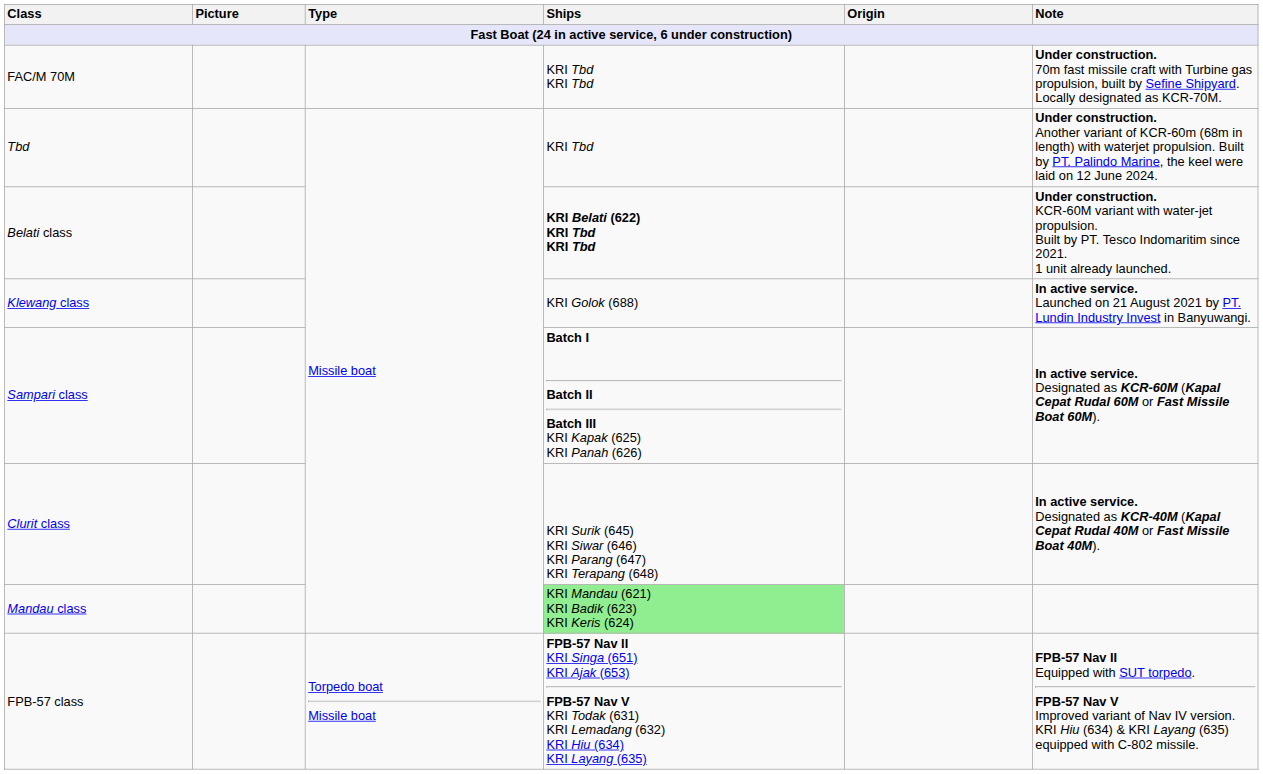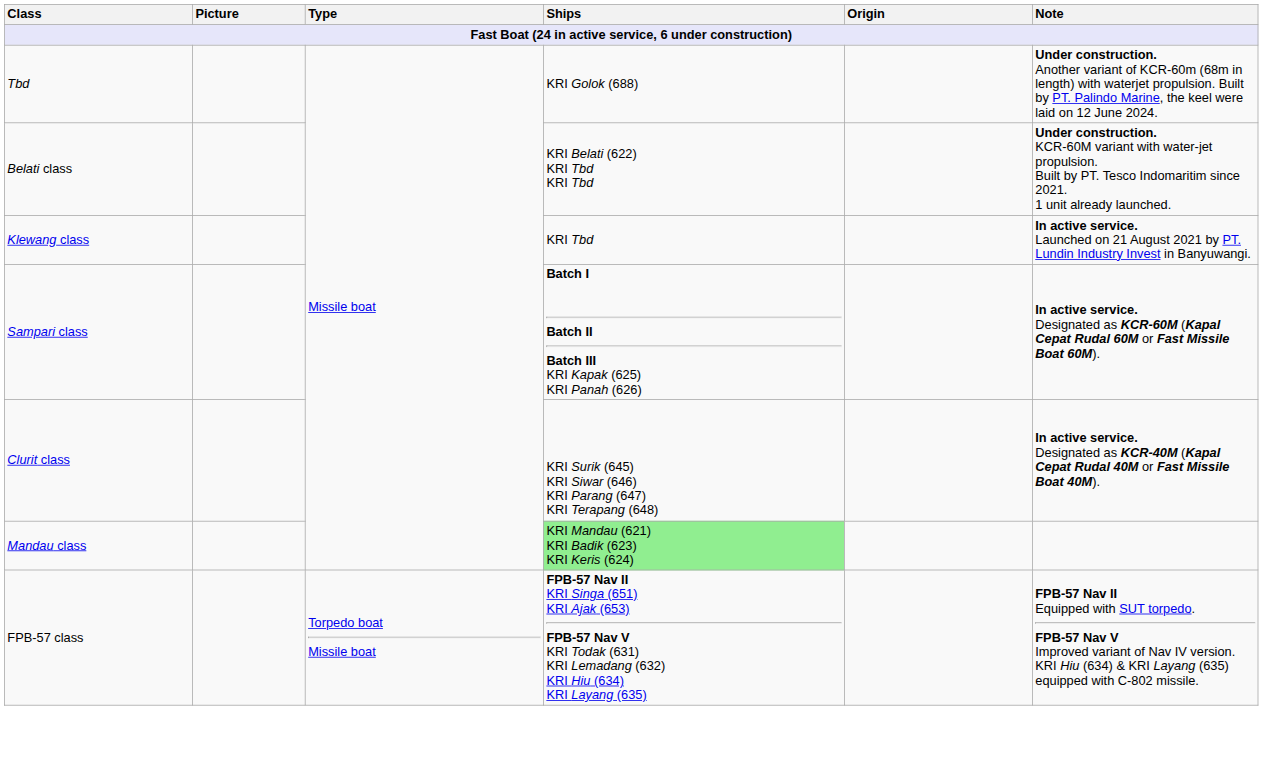 <table class="wikitable ">
 <tr>
 <th style="text-align:left; width:15%;">Class</th>
 <th style="text-align:left; width:9%;">Picture</th>
 <th style="text-align:left; width:19%;">Type</th>
 <th style="text-align:left; width:24%;">Ships</th>
 <th style="text-align:left; width:15%;">Origin</th>
 <th style="text-align:left; width:20%;">Note</th>
 </tr>
 <tr>
 <th colspan="6" style="background: lavender;">Fast Boat (24 in active service, 6 under construction)</th>
 </tr>
 <tr>
-<td>FAC/M 70M</td>
-<td></td>
-<td></td>
-<td>KRI <em>Tbd</em><br>KRI <em>Tbd</em></td>
-<td></td>
-<td><strong>Under construction.</strong><br>70m fast missile craft with Turbine gas propulsion, built by <a href='#'>Sefine Shipyard</a>. Locally designated as KCR-70M.</td>
-</tr>
-<tr>
 <td><em>Tbd</em></td>
 <td></td>
 <td rowspan="6"><a href='#'>Missile boat</a></td>
-<td>KRI <em>Tbd</em></td>
+<td>KRI <em>Golok</em> (688)</td>
 <td></td>
 <td><strong>Under construction.</strong><br>Another variant of KCR-60m (68m in length) with waterjet propulsion. Built by <a href='#'>PT. Palindo Marine</a>, the keel were laid on 12 June 2024.</td>
 </tr>
 <tr>
 <td><em>Belati</em> class</td>
 <td></td>
-<td><strong>KRI <em>Belati</em> (622)<br>KRI <em>Tbd</em><br>KRI <em>Tbd</em></strong></td>
+<td>KRI <em>Belati</em> (622)<br>KRI <em>Tbd</em><br>KRI <em>Tbd</em></td>
 <td></td>
 <td><strong>Under construction.</strong><br>KCR-60M variant with water-jet propulsion.<br>Built by PT. Tesco Indomaritim since 2021.<br>1 unit already launched.</td>
 </tr>
 <tr>
 <td><a href='#'><em>Klewang</em> class</a></td>
 <td></td>
-<td>KRI <em>Golok</em> (688)</td>
+<td>KRI <em>Tbd</em></td>
 <td></td>
 <td><strong>In active service.</strong><br>Launched on 21 August 2021 by <a href='#'>PT. Lundin Industry Invest</a> in Banyuwangi.</td>
 </tr>
 <tr>
 <td><a href='#'><em>Sampari</em> class</a></td>
 <td></td>
 <td><strong>Batch I</strong><br><br><br><hr><strong>Batch II</strong><br><hr><strong>Batch III</strong><br>KRI <em>Kapak</em> (625)<br>KRI <em>Panah</em> (626) <br></td>
 <td></td>
 <td><strong>In active service.</strong><br>Designated as <strong><em>KCR-60M</em></strong> (<strong><em>Kapal Cepat Rudal 60M</em></strong> or <strong><em>Fast Missile Boat 60M</em></strong>).</td>
 </tr>
 <tr>
 <td><a href='#'><em>Clurit</em> class</a></td>
 <td></td>
 <td><br><br><br><br>KRI <em>Surik</em> (645)<br>KRI <em>Siwar</em> (646)<br>KRI <em>Parang</em> (647)<br>KRI <em>Terapang</em> (648)</td>
 <td></td>
 <td><strong>In active service.</strong><br>Designated as <strong><em>KCR-40M</em></strong> (<strong><em>Kapal Cepat Rudal 40M</em></strong> or <strong><em>Fast Missile Boat 40M</em></strong>).</td>
 </tr>
 <tr>
 <td><a href='#'><em>Mandau</em> class</a></td>
 <td></td>
 <td style="background: lightgreen;">KRI <em>Mandau</em> (621)<br>KRI <em>Badik</em> (623)<br>KRI <em>Keris</em> (624)</td>
 <td></td>
 <td></td>
 </tr>
 <tr>
 <td>FPB-57 class</td>
 <td></td>
 <td><a href='#'>Torpedo boat</a><hr><a href='#'>Missile boat</a></td>
 <td><strong>FPB-57 Nav II</strong><br><a href='#'>KRI <em>Singa</em> (651)</a> <br><a href='#'>KRI <em>Ajak</em> (653)</a><hr><strong>FPB-57 Nav V</strong><br>KRI <em>Todak</em> (631)<br>KRI <em>Lemadang</em> (632)<br><a href='#'>KRI <em>Hiu</em> (634)</a><br><a href='#'>KRI <em>Layang</em> (635)</a></td>
 <td><br></td>
 <td><strong>FPB-57 Nav II</strong><br>Equipped with <a href='#'>SUT torpedo</a>.<hr><strong>FPB-57 Nav V</strong><br>Improved variant of Nav IV version.<br>KRI <em>Hiu</em> (634) & KRI <em>Layang</em> (635) equipped with C-802 missile.</td>
 </tr>
 </table>
